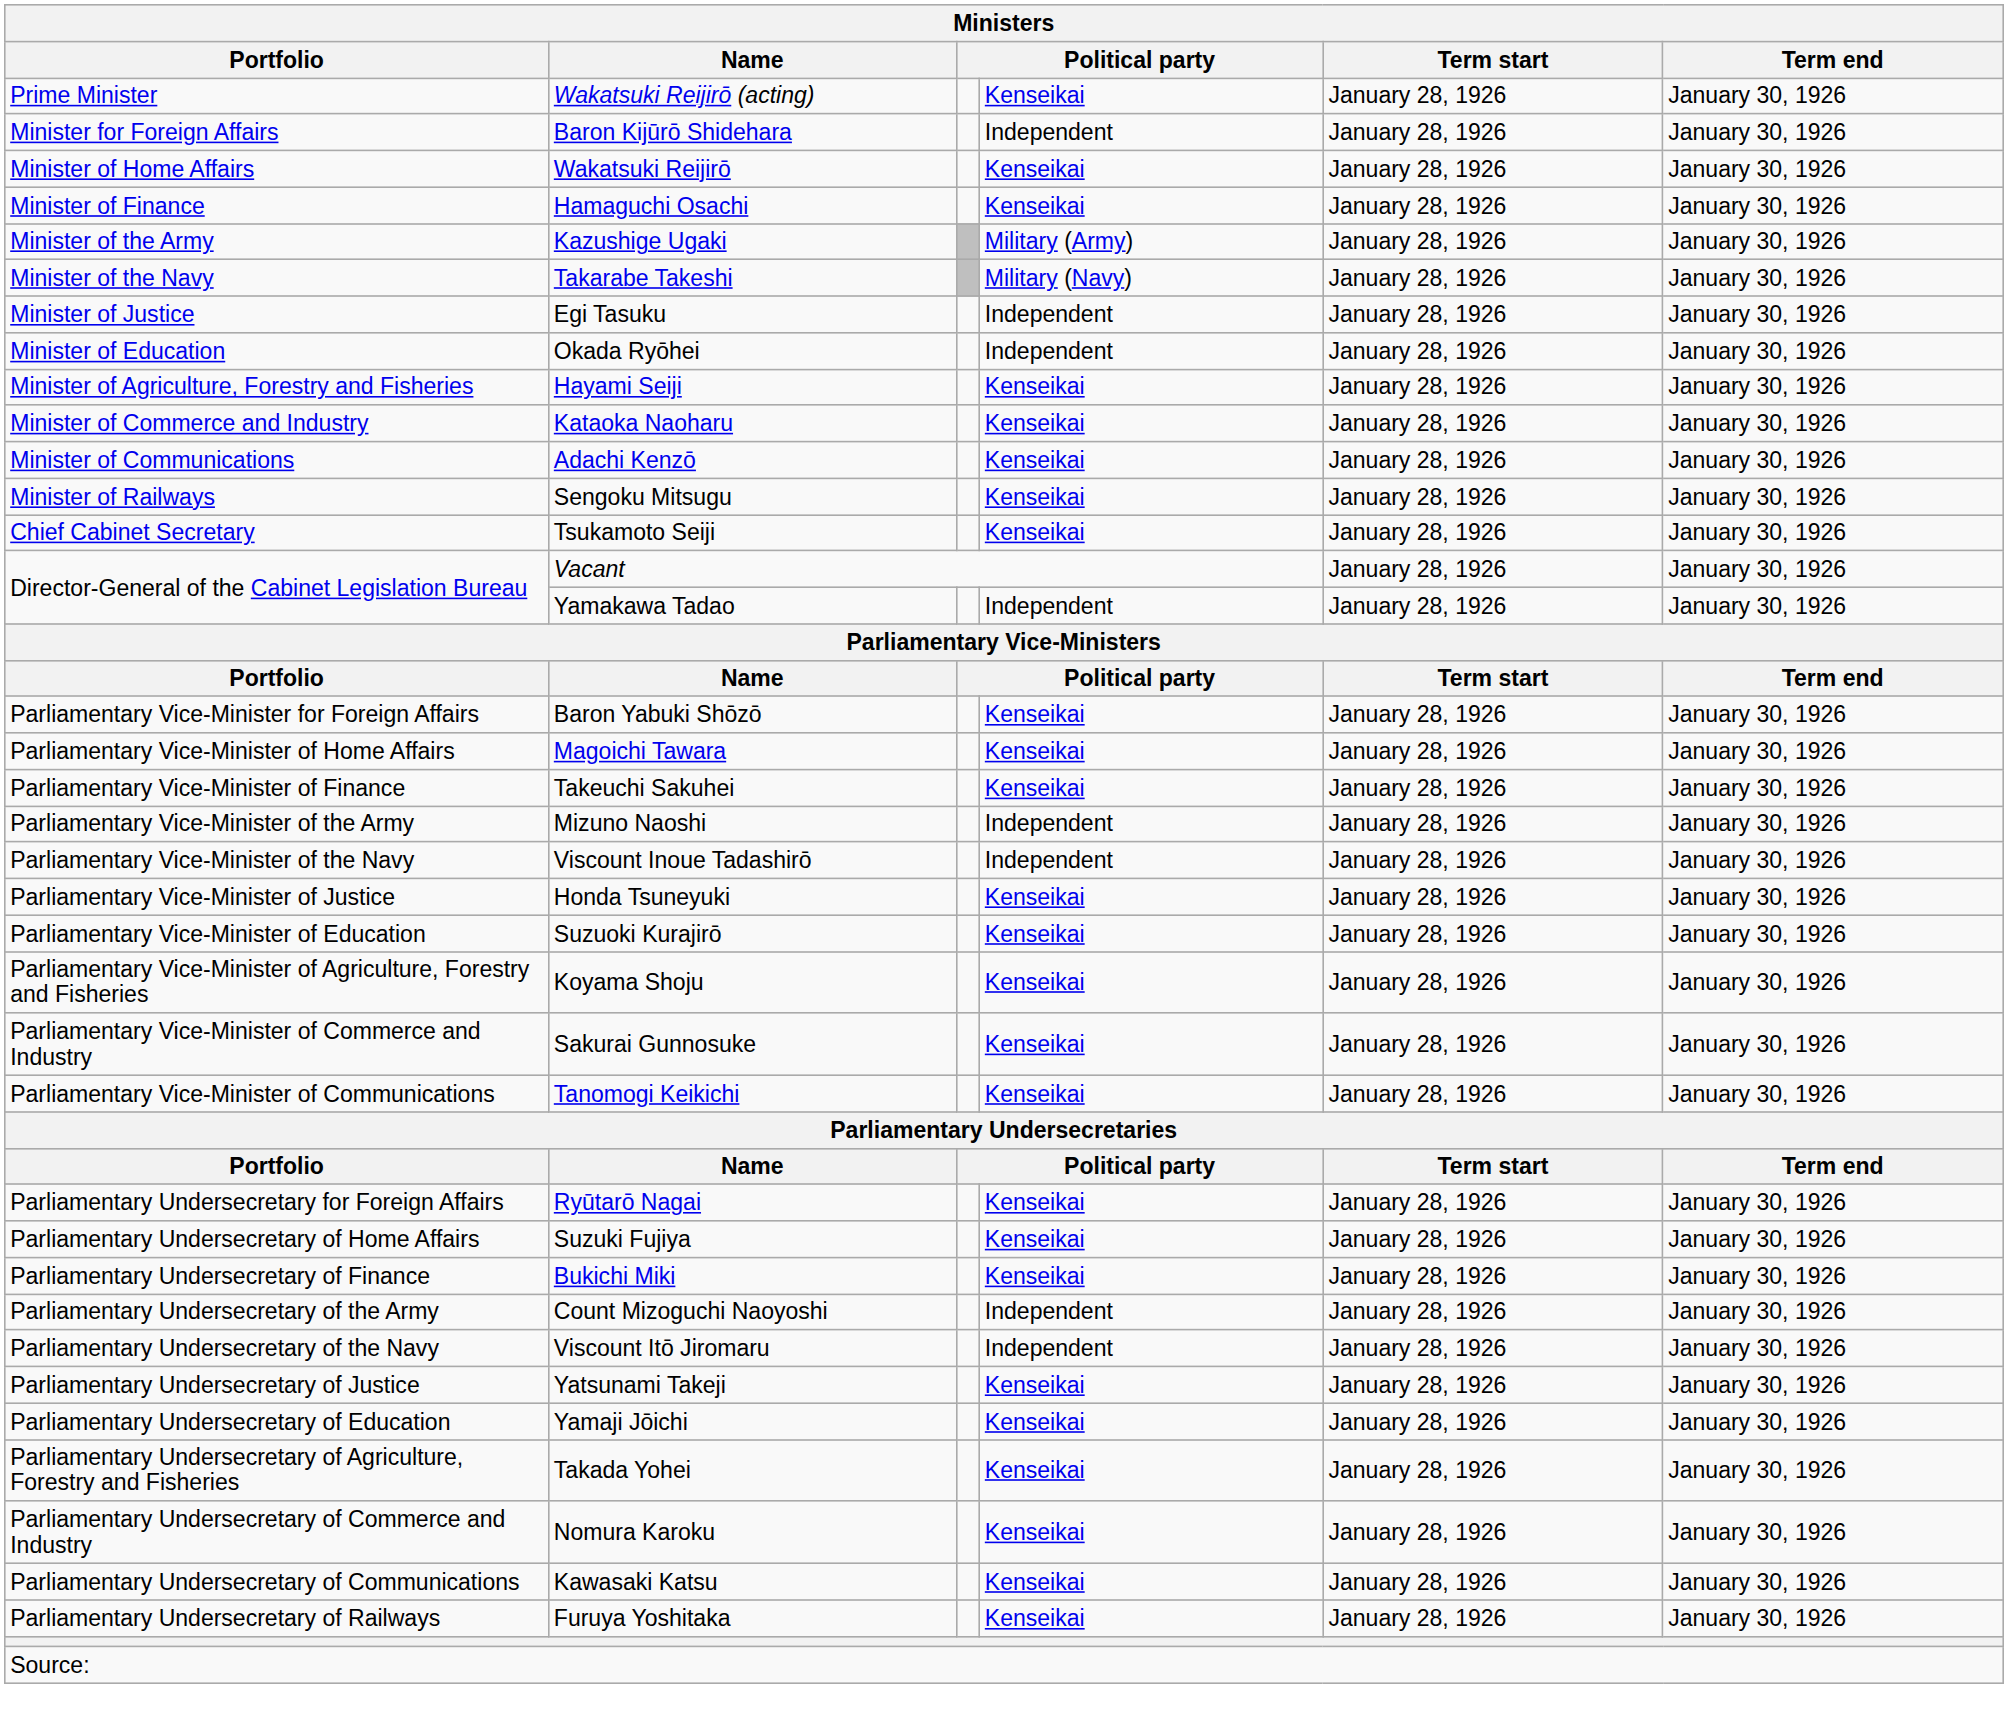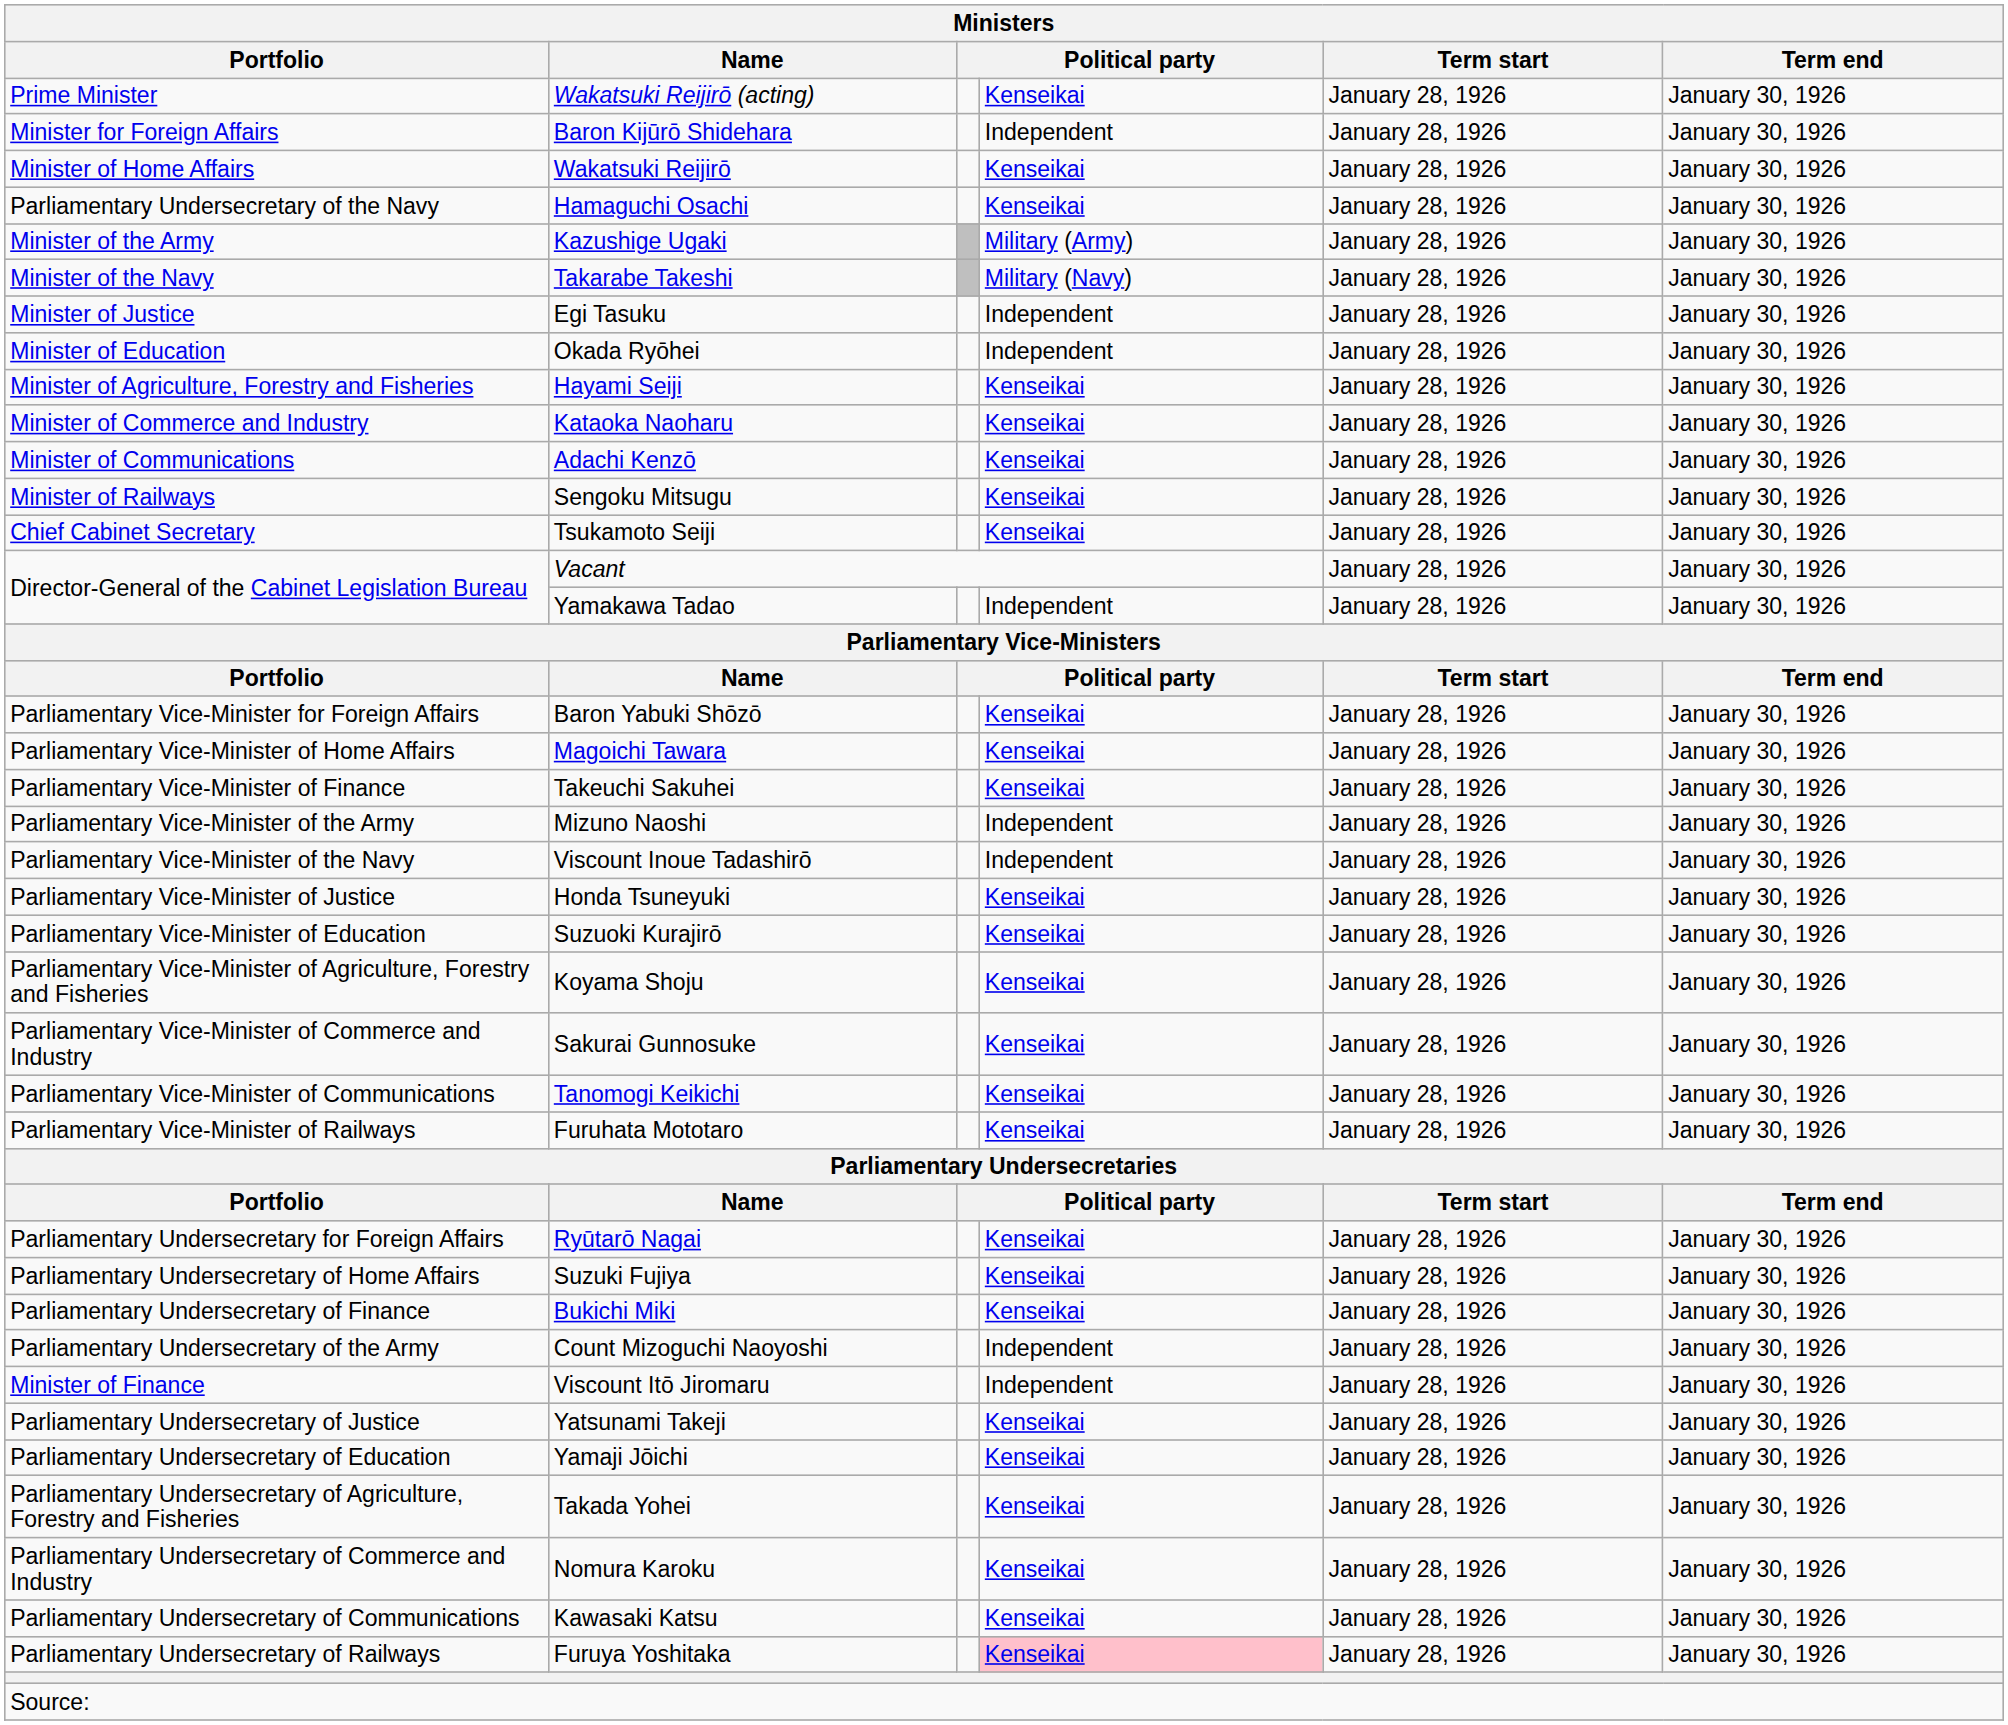 <table class="wikitable unsortable" style="font-size: 90%;">
 <tr>
 <th colspan="6">Ministers</th>
 </tr>
 <tr>
 <th scope="col" width="20%">Portfolio</th>
 <th scope="col" width="15%">Name</th>
 <th colspan="2" scope="col" width="13.5%">Political party</th>
 <th scope="col" width="12.5%">Term start</th>
 <th scope="col" width="12.5%">Term end</th>
 </tr>
 <tr>
 <td style="text-align: left;"><a href='#'>Prime Minister</a></td>
 <td><em><a href='#'>Wakatsuki Reijirō</a> (acting)</em></td>
 <td style="color:inherit;background:"></td>
 <td><a href='#'>Kenseikai</a></td>
 <td>January 28, 1926</td>
 <td>January 30, 1926</td>
 </tr>
 <tr>
 <td><a href='#'>Minister for Foreign Affairs</a></td>
 <td><a href='#'>Baron Kijūrō Shidehara</a></td>
 <td style="color:inherit;background:"></td>
 <td>Independent</td>
 <td>January 28, 1926</td>
 <td>January 30, 1926</td>
 </tr>
 <tr>
 <td><a href='#'>Minister of Home Affairs</a></td>
 <td><a href='#'>Wakatsuki Reijirō</a></td>
 <td style="color:inherit;background:"></td>
 <td><a href='#'>Kenseikai</a></td>
 <td>January 28, 1926</td>
 <td>January 30, 1926</td>
 </tr>
 <tr>
-<td><a href='#'>Minister of Finance</a></td>
+<td>Parliamentary Undersecretary of the Navy</td>
 <td><a href='#'>Hamaguchi Osachi</a></td>
 <td style="color:inherit;background:"></td>
 <td><a href='#'>Kenseikai</a></td>
 <td>January 28, 1926</td>
 <td>January 30, 1926</td>
 </tr>
 <tr>
 <td><a href='#'>Minister of the Army</a></td>
 <td><a href='#'>Kazushige Ugaki</a></td>
 <td style="color:inherit;background:#bfbfbf"></td>
 <td><a href='#'>Military</a> (<a href='#'>Army</a>)</td>
 <td>January 28, 1926</td>
 <td>January 30, 1926</td>
 </tr>
 <tr>
 <td><a href='#'>Minister of the Navy</a></td>
 <td><a href='#'>Takarabe Takeshi</a></td>
 <td style="color:inherit;background:#bfbfbf"></td>
 <td><a href='#'>Military</a> (<a href='#'>Navy</a>)</td>
 <td>January 28, 1926</td>
 <td>January 30, 1926</td>
 </tr>
 <tr>
 <td><a href='#'>Minister of Justice</a></td>
 <td>Egi Tasuku</td>
 <td style="color:inherit;background:"></td>
 <td>Independent</td>
 <td>January 28, 1926</td>
 <td>January 30, 1926</td>
 </tr>
 <tr>
 <td><a href='#'>Minister of Education</a></td>
 <td>Okada Ryōhei</td>
 <td style="color:inherit;background:"></td>
 <td>Independent</td>
 <td>January 28, 1926</td>
 <td>January 30, 1926</td>
 </tr>
 <tr>
 <td><a href='#'>Minister of Agriculture, Forestry and Fisheries</a></td>
 <td><a href='#'>Hayami Seiji</a></td>
 <td style="color:inherit;background:"></td>
 <td><a href='#'>Kenseikai</a></td>
 <td>January 28, 1926</td>
 <td>January 30, 1926</td>
 </tr>
 <tr>
 <td><a href='#'>Minister of Commerce and Industry</a></td>
 <td><a href='#'>Kataoka Naoharu</a></td>
 <td style="color:inherit;background:"></td>
 <td><a href='#'>Kenseikai</a></td>
 <td>January 28, 1926</td>
 <td>January 30, 1926</td>
 </tr>
 <tr>
 <td><a href='#'>Minister of Communications</a></td>
 <td><a href='#'>Adachi Kenzō</a></td>
 <td style="color:inherit;background:"></td>
 <td><a href='#'>Kenseikai</a></td>
 <td>January 28, 1926</td>
 <td>January 30, 1926</td>
 </tr>
 <tr>
 <td><a href='#'>Minister of Railways</a></td>
 <td>Sengoku Mitsugu</td>
 <td style="color:inherit;background:"></td>
 <td><a href='#'>Kenseikai</a></td>
 <td>January 28, 1926</td>
 <td>January 30, 1926</td>
 </tr>
 <tr>
 <td><a href='#'>Chief Cabinet Secretary</a></td>
 <td>Tsukamoto Seiji</td>
 <td style="color:inherit;background:"></td>
 <td><a href='#'>Kenseikai</a></td>
 <td>January 28, 1926</td>
 <td>January 30, 1926</td>
 </tr>
 <tr>
 <td rowspan="2">Director-General of the <a href='#'>Cabinet Legislation Bureau</a></td>
 <td colspan="3"><em>Vacant</em></td>
 <td>January 28, 1926</td>
 <td>January 30, 1926</td>
 </tr>
 <tr>
 <td>Yamakawa Tadao</td>
 <td style="color:inherit;background:"></td>
 <td>Independent</td>
 <td>January 28, 1926</td>
 <td>January 30, 1926</td>
 </tr>
 <tr>
 <th colspan="6">Parliamentary Vice-Ministers</th>
 </tr>
 <tr>
 <th>Portfolio</th>
 <th>Name</th>
 <th colspan="2">Political party</th>
 <th>Term start</th>
 <th>Term end</th>
 </tr>
 <tr>
 <td>Parliamentary Vice-Minister for Foreign Affairs</td>
 <td>Baron Yabuki Shōzō</td>
 <td style="color:inherit;background:"></td>
 <td><a href='#'>Kenseikai</a></td>
 <td>January 28, 1926</td>
 <td>January 30, 1926</td>
 </tr>
 <tr>
 <td>Parliamentary Vice-Minister of Home Affairs</td>
 <td><a href='#'>Magoichi Tawara</a></td>
 <td style="color:inherit;background:"></td>
 <td><a href='#'>Kenseikai</a></td>
 <td>January 28, 1926</td>
 <td>January 30, 1926</td>
 </tr>
 <tr>
 <td>Parliamentary Vice-Minister of Finance</td>
 <td>Takeuchi Sakuhei</td>
 <td style="color:inherit;background:"></td>
 <td><a href='#'>Kenseikai</a></td>
 <td>January 28, 1926</td>
 <td>January 30, 1926</td>
 </tr>
 <tr>
 <td>Parliamentary Vice-Minister of the Army</td>
 <td>Mizuno Naoshi</td>
 <td style="color:inherit;background:"></td>
 <td>Independent</td>
 <td>January 28, 1926</td>
 <td>January 30, 1926</td>
 </tr>
 <tr>
 <td>Parliamentary Vice-Minister of the Navy</td>
 <td>Viscount Inoue Tadashirō</td>
 <td style="color:inherit;background:"></td>
 <td>Independent</td>
 <td>January 28, 1926</td>
 <td>January 30, 1926</td>
 </tr>
 <tr>
 <td>Parliamentary Vice-Minister of Justice</td>
 <td>Honda Tsuneyuki</td>
 <td style="color:inherit;background:"></td>
 <td><a href='#'>Kenseikai</a></td>
 <td>January 28, 1926</td>
 <td>January 30, 1926</td>
 </tr>
 <tr>
 <td>Parliamentary Vice-Minister of Education</td>
 <td>Suzuoki Kurajirō</td>
 <td style="color:inherit;background:"></td>
 <td><a href='#'>Kenseikai</a></td>
 <td>January 28, 1926</td>
 <td>January 30, 1926</td>
 </tr>
 <tr>
 <td>Parliamentary Vice-Minister of Agriculture, Forestry and Fisheries</td>
 <td>Koyama Shoju</td>
 <td style="color:inherit;background:"></td>
 <td><a href='#'>Kenseikai</a></td>
 <td>January 28, 1926</td>
 <td>January 30, 1926</td>
 </tr>
 <tr>
 <td>Parliamentary Vice-Minister of Commerce and Industry</td>
 <td>Sakurai Gunnosuke</td>
 <td style="color:inherit;background:"></td>
 <td><a href='#'>Kenseikai</a></td>
 <td>January 28, 1926</td>
 <td>January 30, 1926</td>
 </tr>
 <tr>
 <td>Parliamentary Vice-Minister of Communications</td>
 <td><a href='#'>Tanomogi Keikichi</a></td>
 <td style="color:inherit;background:"></td>
 <td><a href='#'>Kenseikai</a></td>
 <td>January 28, 1926</td>
 <td>January 30, 1926</td>
 </tr>
 <tr>
+<td>Parliamentary Vice-Minister of Railways</td>
+<td>Furuhata Mototaro</td>
+<td style="color:inherit;background:"></td>
+<td><a href='#'>Kenseikai</a></td>
+<td>January 28, 1926</td>
+<td>January 30, 1926</td>
+</tr>
+<tr>
 <th colspan="6">Parliamentary Undersecretaries</th>
 </tr>
 <tr>
 <th>Portfolio</th>
 <th>Name</th>
 <th colspan="2">Political party</th>
 <th>Term start</th>
 <th>Term end</th>
 </tr>
 <tr>
 <td>Parliamentary Undersecretary for Foreign Affairs</td>
 <td><a href='#'>Ryūtarō Nagai</a></td>
 <td style="color:inherit;background:"></td>
 <td><a href='#'>Kenseikai</a></td>
 <td>January 28, 1926</td>
 <td>January 30, 1926</td>
 </tr>
 <tr>
 <td>Parliamentary Undersecretary of Home Affairs</td>
 <td>Suzuki Fujiya</td>
 <td style="color:inherit;background:"></td>
 <td><a href='#'>Kenseikai</a></td>
 <td>January 28, 1926</td>
 <td>January 30, 1926</td>
 </tr>
 <tr>
 <td>Parliamentary Undersecretary of Finance</td>
 <td><a href='#'>Bukichi Miki</a></td>
 <td style="color:inherit;background:"></td>
 <td><a href='#'>Kenseikai</a></td>
 <td>January 28, 1926</td>
 <td>January 30, 1926</td>
 </tr>
 <tr>
 <td>Parliamentary Undersecretary of the Army</td>
 <td>Count Mizoguchi Naoyoshi</td>
 <td style="color:inherit;background:"></td>
 <td>Independent</td>
 <td>January 28, 1926</td>
 <td>January 30, 1926</td>
 </tr>
 <tr>
-<td>Parliamentary Undersecretary of the Navy</td>
+<td><a href='#'>Minister of Finance</a></td>
 <td>Viscount Itō Jiromaru</td>
 <td style="color:inherit;background:"></td>
 <td>Independent</td>
 <td>January 28, 1926</td>
 <td>January 30, 1926</td>
 </tr>
 <tr>
 <td>Parliamentary Undersecretary of Justice</td>
 <td>Yatsunami Takeji</td>
 <td style="color:inherit;background:"></td>
 <td><a href='#'>Kenseikai</a></td>
 <td>January 28, 1926</td>
 <td>January 30, 1926</td>
 </tr>
 <tr>
 <td>Parliamentary Undersecretary of Education</td>
 <td>Yamaji Jōichi</td>
 <td style="color:inherit;background:"></td>
 <td><a href='#'>Kenseikai</a></td>
 <td>January 28, 1926</td>
 <td>January 30, 1926</td>
 </tr>
 <tr>
 <td>Parliamentary Undersecretary of Agriculture, Forestry and Fisheries</td>
 <td>Takada Yohei</td>
 <td style="color:inherit;background:"></td>
 <td><a href='#'>Kenseikai</a></td>
 <td>January 28, 1926</td>
 <td>January 30, 1926</td>
 </tr>
 <tr>
 <td>Parliamentary Undersecretary of Commerce and Industry</td>
 <td>Nomura Karoku</td>
 <td style="color:inherit;background:"></td>
 <td><a href='#'>Kenseikai</a></td>
 <td>January 28, 1926</td>
 <td>January 30, 1926</td>
 </tr>
 <tr>
 <td>Parliamentary Undersecretary of Communications</td>
 <td>Kawasaki Katsu</td>
 <td style="color:inherit;background:"></td>
 <td><a href='#'>Kenseikai</a></td>
 <td>January 28, 1926</td>
 <td>January 30, 1926</td>
 </tr>
 <tr>
 <td>Parliamentary Undersecretary of Railways</td>
 <td>Furuya Yoshitaka</td>
 <td style="color:inherit;background:"></td>
-<td><a href='#'>Kenseikai</a></td>
+<td style="background: pink;"><a href='#'>Kenseikai</a></td>
 <td>January 28, 1926</td>
 <td>January 30, 1926</td>
 </tr>
 <tr>
 <th colspan="6"></th>
 </tr>
 <tr>
 <td colspan="6">Source:</td>
 </tr>
 </table>
